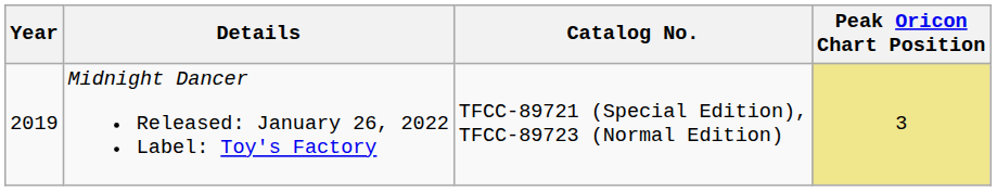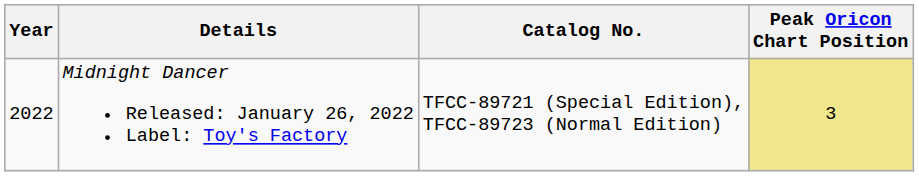 <table class="wikitable" style="font-size: 90%;">
 <tr>
 <th>Year</th>
 <th>Details</th>
 <th>Catalog No.</th>
 <th>Peak <a href='#'>Oricon</a><br>Chart Position</th>
 </tr>
 <tr>
-<td>2019</td>
+<td>2022</td>
 <td><em>Midnight Dancer</em><br><ul><li>Released: January 26, 2022</li><li>Label: <a href='#'>Toy's Factory</a></li></ul></td>
 <td>TFCC-89721 (Special Edition),<br>TFCC-89723 (Normal Edition)</td>
 <td align="center" style="background: khaki;">3</td>
 </tr>
 </table>
